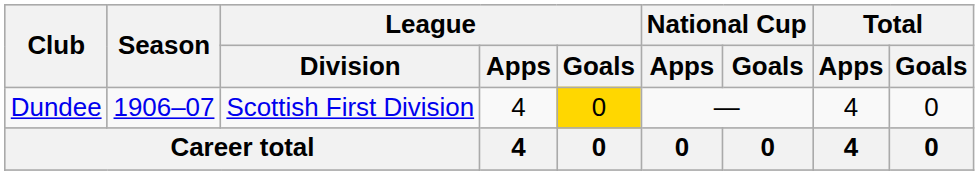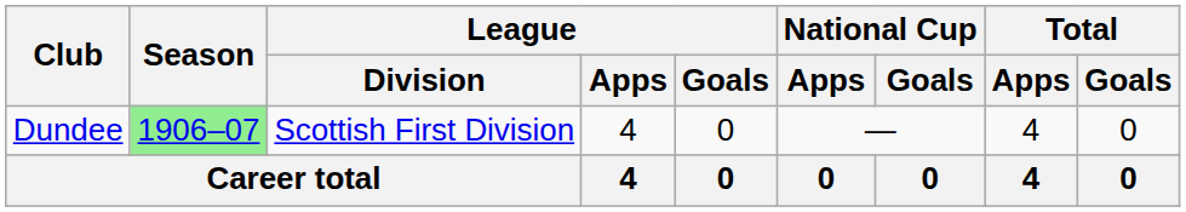 <table class="wikitable" style="text-align: center;">
 <tr>
 <th rowspan="2">Club</th>
 <th rowspan="2">Season</th>
 <th colspan="3">League</th>
 <th colspan="2">National Cup</th>
 <th colspan="2">Total</th>
 </tr>
 <tr>
 <th>Division</th>
 <th>Apps</th>
 <th>Goals</th>
 <th>Apps</th>
 <th>Goals</th>
 <th>Apps</th>
 <th>Goals</th>
 </tr>
 <tr>
 <td><a href='#'>Dundee</a></td>
-<td><a href='#'>1906–07</a></td>
+<td style="background: lightgreen;"><a href='#'>1906–07</a></td>
 <td><a href='#'>Scottish First Division</a></td>
 <td>4</td>
-<td style="background: gold;">0</td>
+<td>0</td>
 <td colspan="2">—</td>
 <td>4</td>
 <td>0</td>
 </tr>
 <tr>
 <th colspan="3">Career total</th>
 <th>4</th>
 <th>0</th>
 <th>0</th>
 <th>0</th>
 <th>4</th>
 <th>0</th>
 </tr>
 </table>
